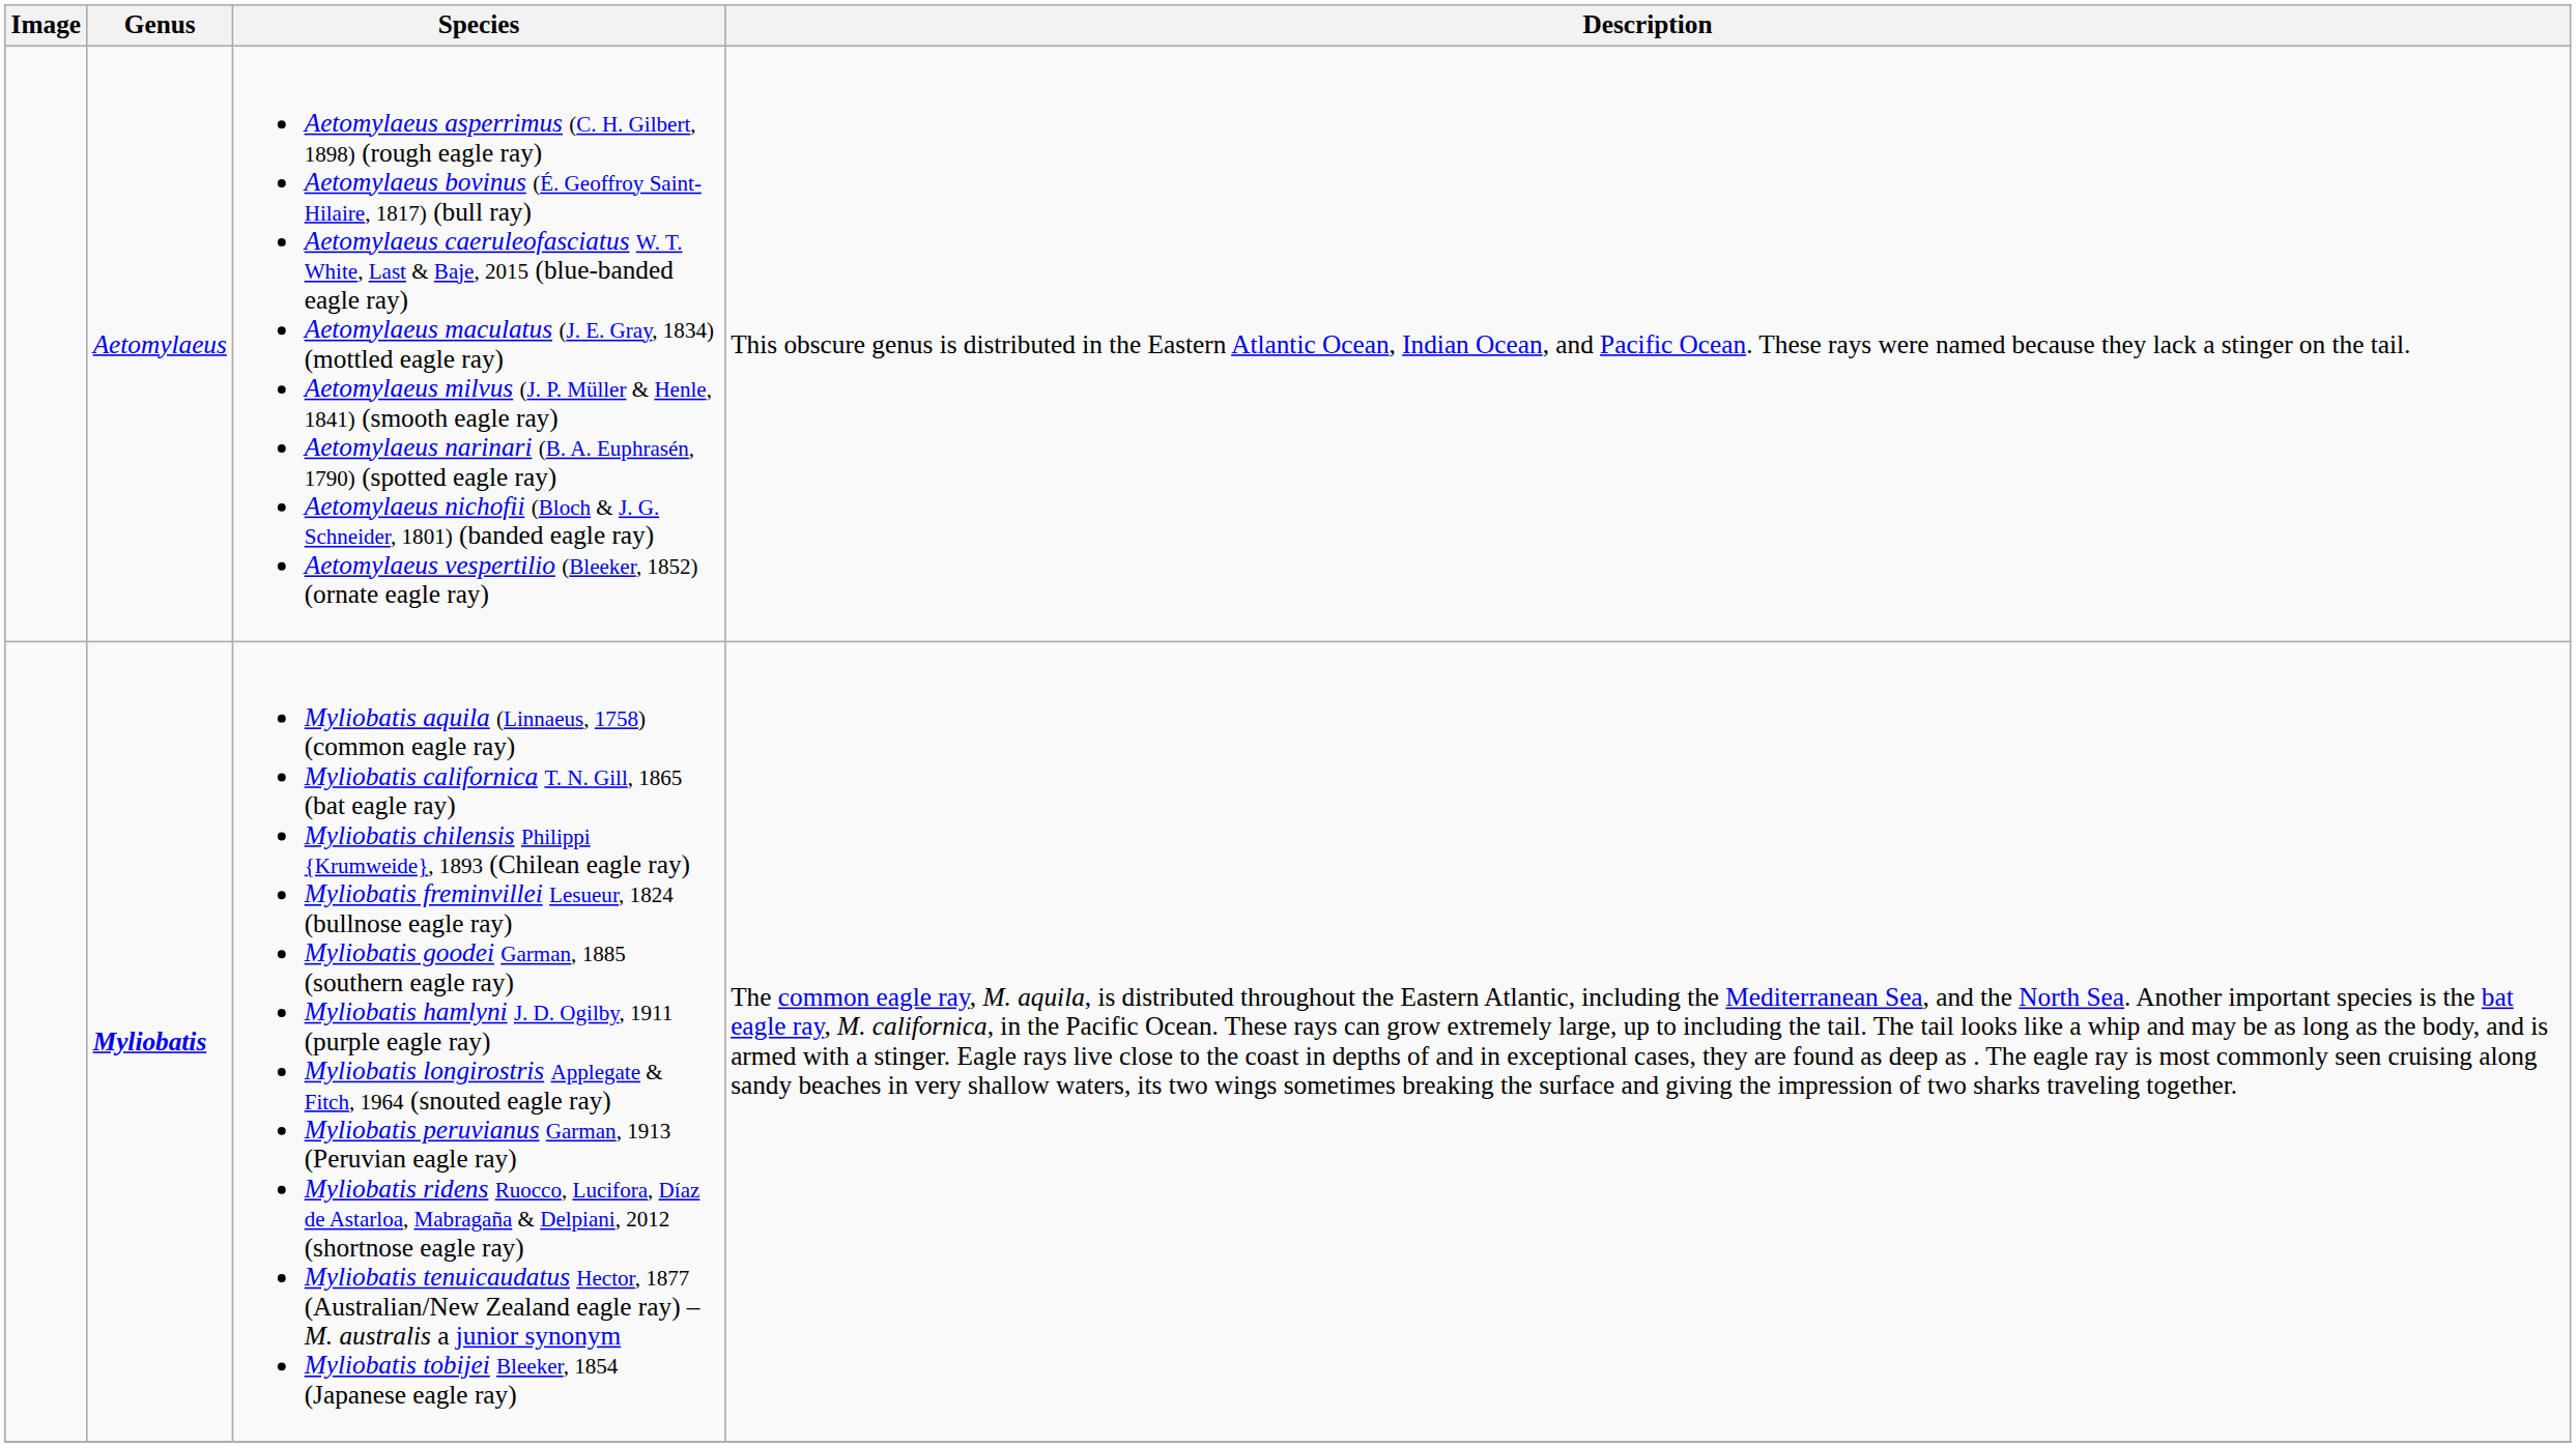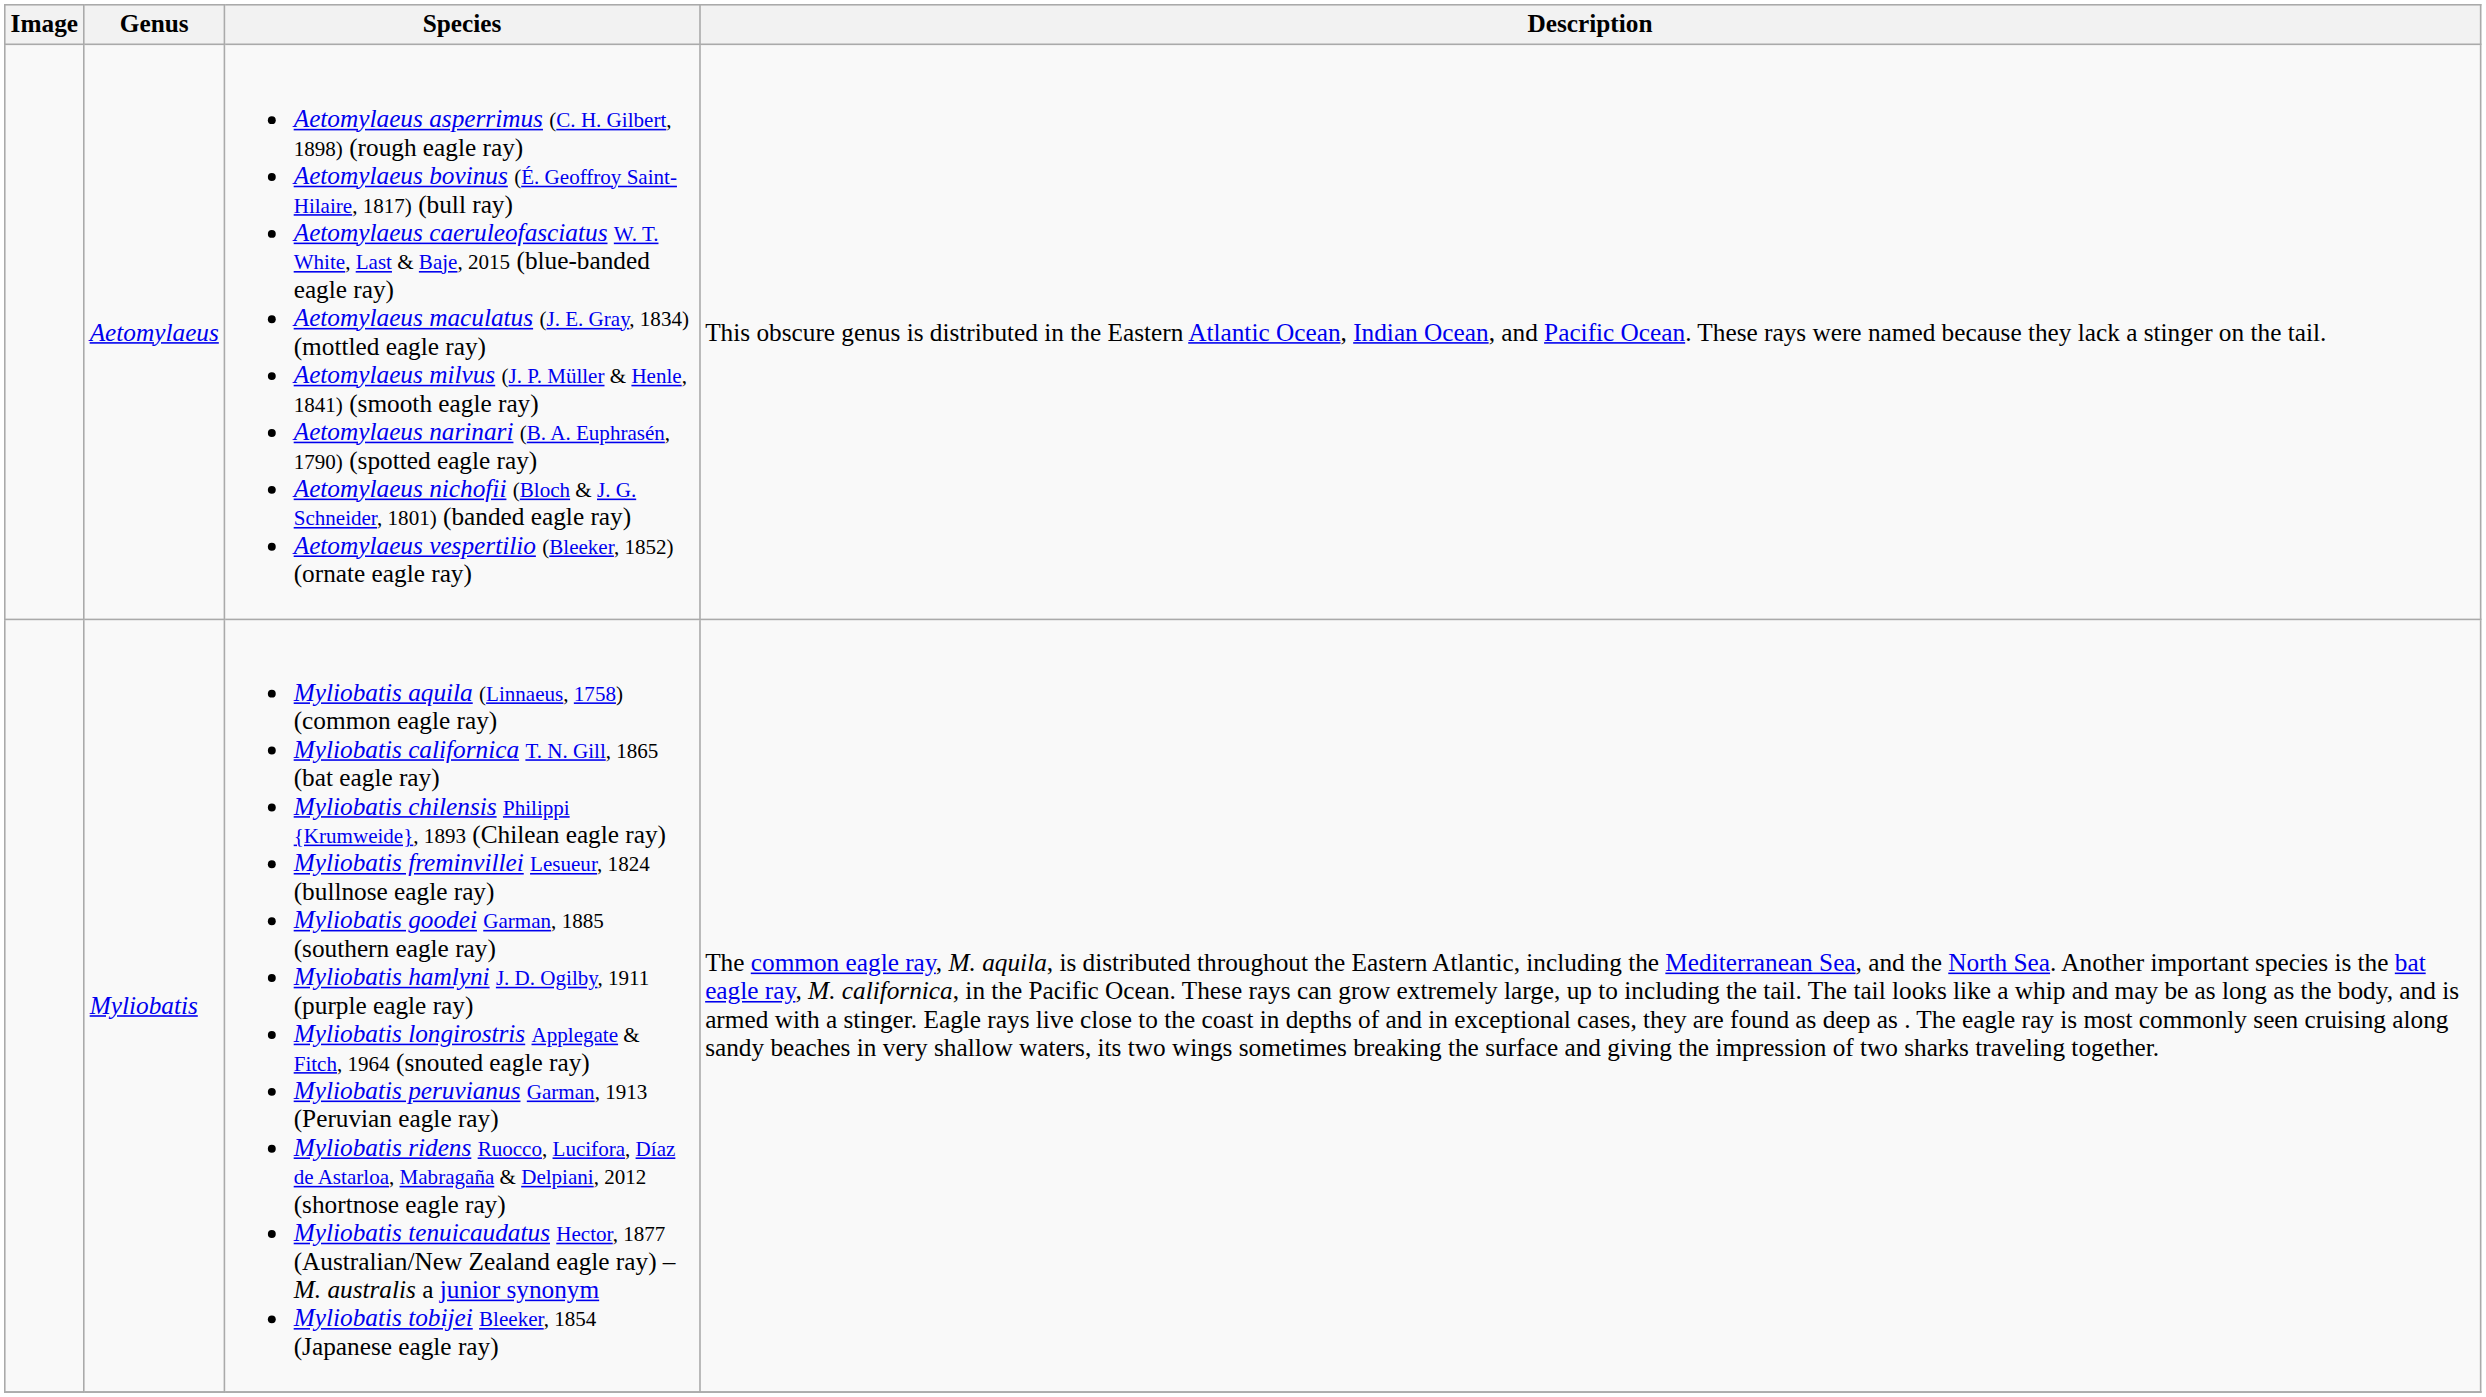 <table class="wikitable">
 <tr>
 <th>Image</th>
 <th>Genus</th>
 <th>Species</th>
 <th>Description</th>
 </tr>
 <tr>
 <td></td>
 <td><em><a href='#'>Aetomylaeus</a></em> </td>
 <td><br><ul><li><em><a href='#'>Aetomylaeus asperrimus</a></em> <small>(<a href='#'>C. H. Gilbert</a>, 1898)</small> (rough eagle ray)</li><li><em><a href='#'>Aetomylaeus bovinus</a></em> <small>(<a href='#'>É. Geoffroy Saint-Hilaire</a>, 1817)</small> (bull ray) </li><li><em><a href='#'>Aetomylaeus caeruleofasciatus</a></em> <small><a href='#'>W. T. White</a>, <a href='#'>Last</a> & <a href='#'>Baje</a>, 2015</small> (blue-banded eagle ray)</li><li><em><a href='#'>Aetomylaeus maculatus</a></em> <small>(<a href='#'>J. E. Gray</a>, 1834)</small> (mottled eagle ray)</li><li><em><a href='#'>Aetomylaeus milvus</a></em> <small>(<a href='#'>J. P. Müller</a> & <a href='#'>Henle</a>, 1841)</small> (smooth eagle ray)</li><li><em><a href='#'>Aetomylaeus narinari</a></em> <small>(<a href='#'>B. A. Euphrasén</a>, 1790)</small> (spotted eagle ray)</li><li><em><a href='#'>Aetomylaeus nichofii</a></em> <small>(<a href='#'>Bloch</a> & <a href='#'>J. G. Schneider</a>, 1801)</small> (banded eagle ray)</li><li><em><a href='#'>Aetomylaeus vespertilio</a></em> <small>(<a href='#'>Bleeker</a>, 1852)</small> (ornate eagle ray)</li></ul></td>
 <td>This obscure genus is distributed in the Eastern <a href='#'>Atlantic Ocean</a>, <a href='#'>Indian Ocean</a>, and <a href='#'>Pacific Ocean</a>. These rays were named because they lack a stinger on the tail.</td>
 </tr>
 <tr>
 <td></td>
-<td><strong><em><a href='#'>Myliobatis</a></em> </strong></td>
+<td><em><a href='#'>Myliobatis</a></em> </td>
 <td><br><ul><li><em><a href='#'>Myliobatis aquila</a></em> <small>(<a href='#'>Linnaeus</a>, <a href='#'>1758</a>)</small> (common eagle ray)</li><li><em><a href='#'>Myliobatis californica</a></em> <small><a href='#'>T. N. Gill</a>, 1865</small> (bat eagle ray)</li><li><em><a href='#'>Myliobatis chilensis</a></em> <small><a href='#'>Philippi {Krumweide}</a>, 1893</small> (Chilean eagle ray)</li><li><em><a href='#'>Myliobatis freminvillei</a></em> <small><a href='#'>Lesueur</a>, 1824</small> (bullnose eagle ray)</li><li><em><a href='#'>Myliobatis goodei</a></em> <small><a href='#'>Garman</a>, 1885</small> (southern eagle ray)</li><li><em><a href='#'>Myliobatis hamlyni</a></em> <small><a href='#'>J. D. Ogilby</a>, 1911</small> (purple eagle ray)</li><li><em><a href='#'>Myliobatis longirostris</a></em> <small><a href='#'>Applegate</a> & <a href='#'>Fitch</a>, 1964</small> (snouted eagle ray)</li><li><em><a href='#'>Myliobatis peruvianus</a></em> <small><a href='#'>Garman</a>, 1913</small> (Peruvian eagle ray)</li><li><em><a href='#'>Myliobatis ridens</a></em> <small><a href='#'>Ruocco</a>, <a href='#'>Lucifora</a>, <a href='#'>Díaz de Astarloa</a>, <a href='#'>Mabragaña</a> & <a href='#'>Delpiani</a>, 2012</small> (shortnose eagle ray)</li><li><em><a href='#'>Myliobatis tenuicaudatus</a></em> <small><a href='#'>Hector</a>, 1877</small> (Australian/New Zealand eagle ray) – <em>M. australis</em> a <a href='#'>junior synonym</a></li><li><em><a href='#'>Myliobatis tobijei</a></em> <small><a href='#'>Bleeker</a>, 1854</small> (Japanese eagle ray)</li></ul></td>
 <td>The <a href='#'>common eagle ray</a>, <em>M. aquila</em>, is distributed throughout the Eastern Atlantic, including the <a href='#'>Mediterranean Sea</a>, and the <a href='#'>North Sea</a>. Another important species is the <a href='#'>bat eagle ray</a>, <em>M. californica</em>, in the Pacific Ocean. These rays can grow extremely large, up to  including the tail. The tail looks like a whip and may be as long as the body, and is armed with a stinger. Eagle rays live close to the coast in depths of  and in exceptional cases, they are found as deep as . The eagle ray is most commonly seen cruising along sandy beaches in very shallow waters, its two wings sometimes breaking the surface and giving the impression of two sharks traveling together.</td>
 </tr>
 <tr>
 </tr>
 </table>
